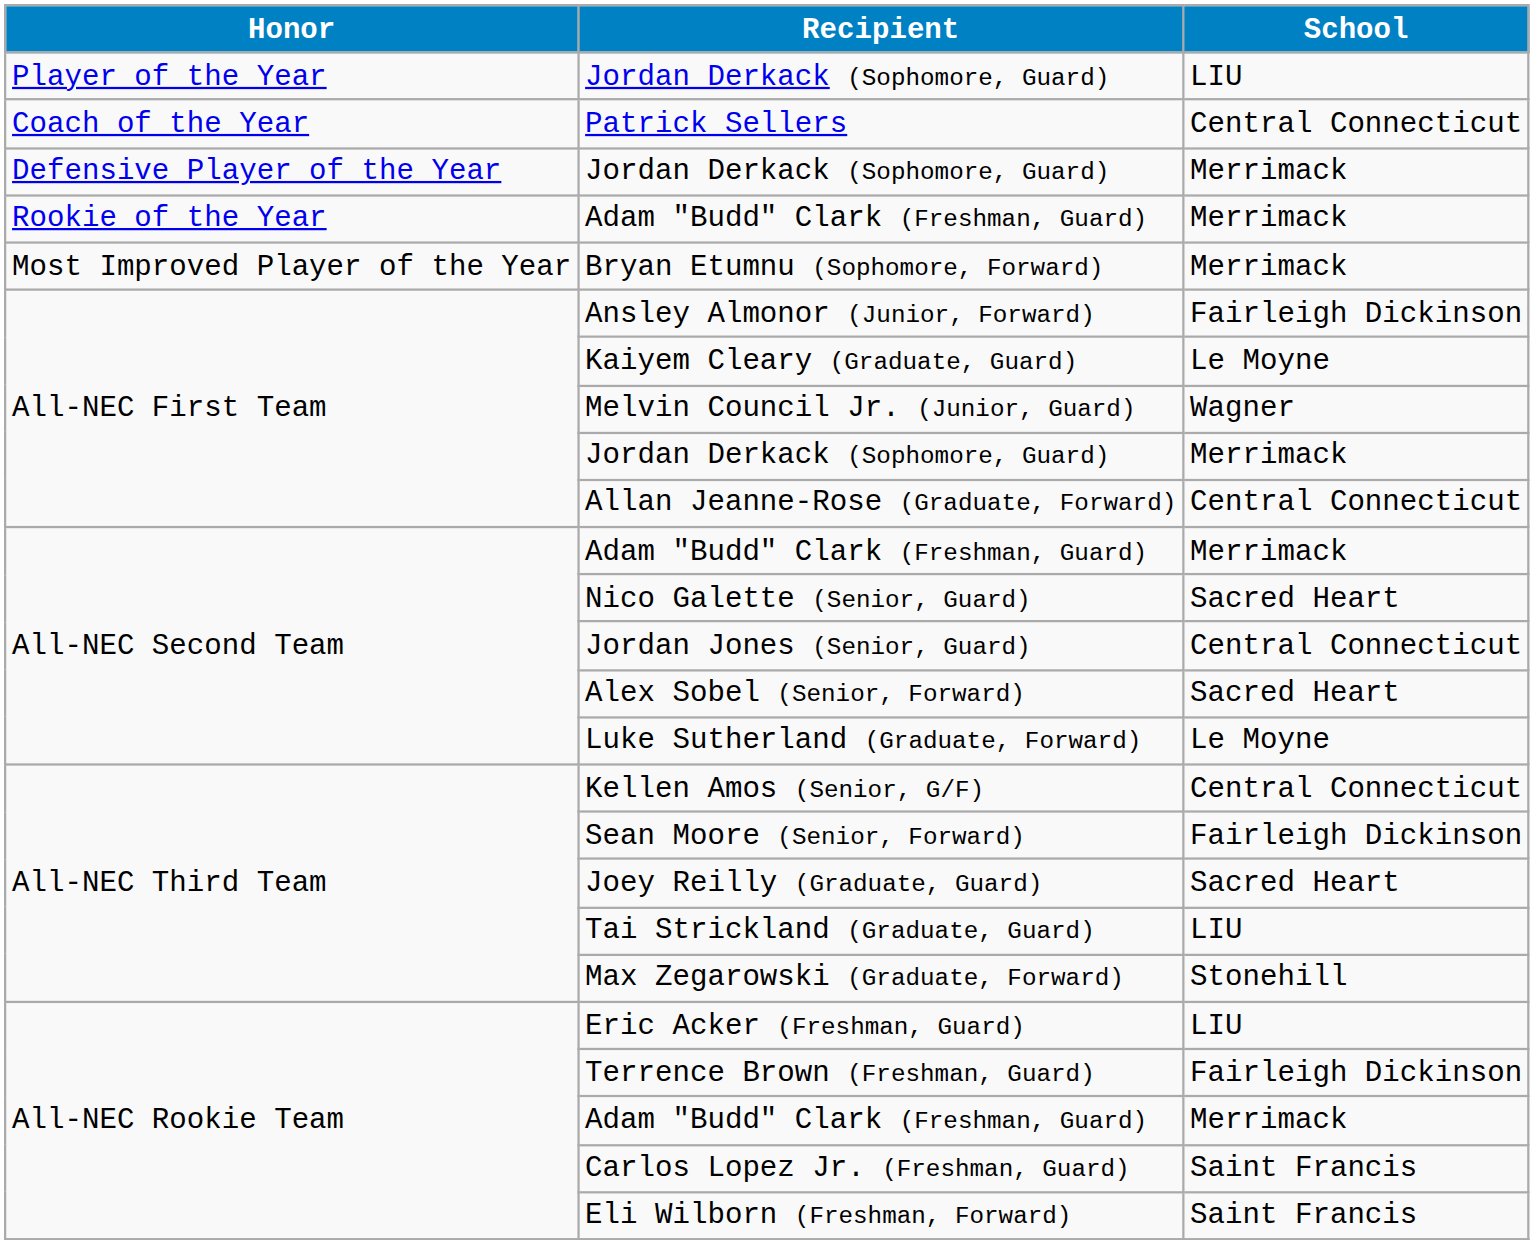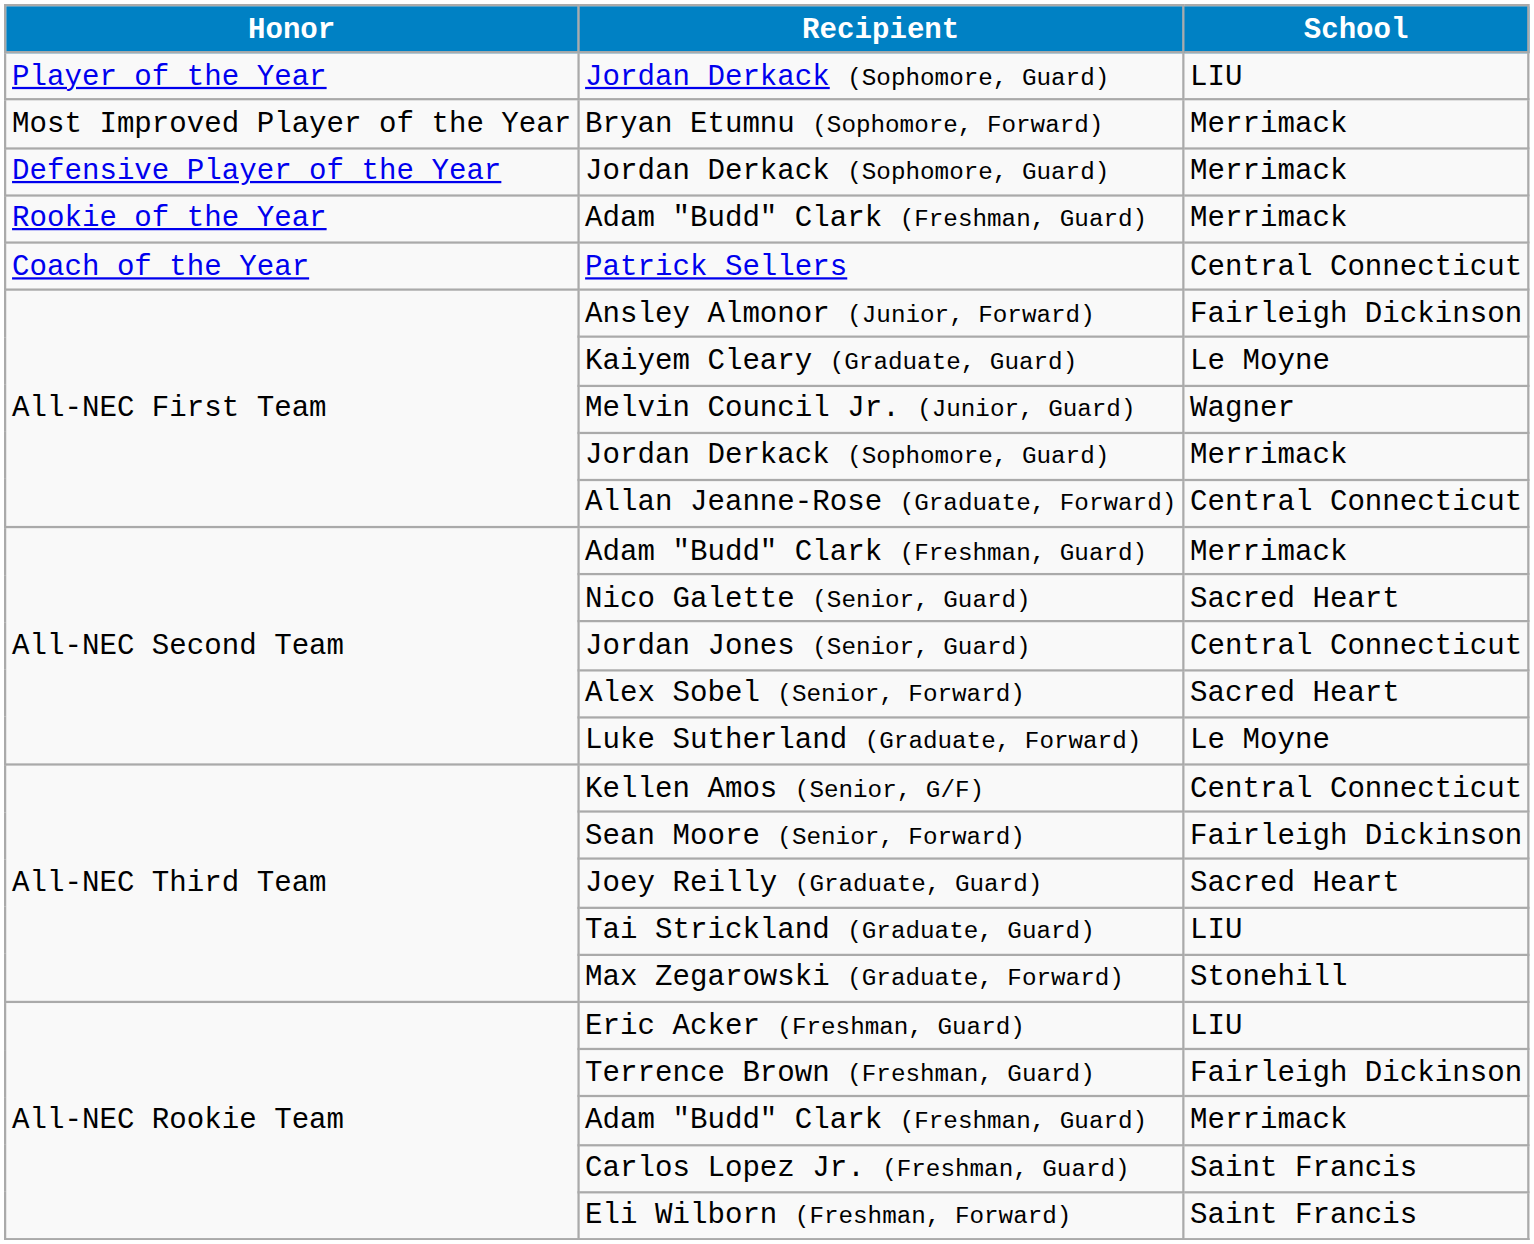 <table class="wikitable" border="1">
 <tr>
 <th align="center" style="background:#0081C4; color:#FFFFFF;">Honor</th>
 <th align="center" style="background:#0081C4; color:#FFFFFF;">Recipient</th>
 <th align="center" style="background:#0081C4; color:#FFFFFF;">School</th>
 </tr>
 <tr>
 <td valign="middle"><a href='#'>Player of the Year</a></td>
 <td><a href='#'>Jordan Derkack</a> <small>(Sophomore, Guard)</small></td>
 <td style=>LIU</td>
 </tr>
 <tr>
-<td><a href='#'>Coach of the Year</a></td>
-<td><a href='#'>Patrick Sellers</a></td>
-<td style=>Central Connecticut</td>
+<td>Most Improved Player of the Year</td>
+<td>Bryan Etumnu <small>(Sophomore, Forward)</small></td>
+<td style=>Merrimack</td>
 </tr>
 <tr>
 <td><a href='#'>Defensive Player of the Year</a></td>
 <td>Jordan Derkack <small>(Sophomore, Guard)</small></td>
 <td style=>Merrimack</td>
 </tr>
 <tr>
 <td><a href='#'>Rookie of the Year</a></td>
 <td>Adam "Budd" Clark <small>(Freshman, Guard)</small></td>
 <td style=>Merrimack</td>
 </tr>
 <tr>
-<td>Most Improved Player of the Year</td>
-<td>Bryan Etumnu <small>(Sophomore, Forward)</small></td>
-<td style=>Merrimack</td>
+<td><a href='#'>Coach of the Year</a></td>
+<td><a href='#'>Patrick Sellers</a></td>
+<td style=>Central Connecticut</td>
 </tr>
 <tr>
 <td rowspan="5" valign="middle">All-NEC First Team</td>
 <td>Ansley Almonor <small>(Junior, Forward)</small></td>
 <td style=>Fairleigh Dickinson</td>
 </tr>
 <tr>
 <td>Kaiyem Cleary <small>(Graduate, Guard)</small></td>
 <td style=>Le Moyne</td>
 </tr>
 <tr>
 <td>Melvin Council Jr. <small>(Junior, Guard)</small></td>
 <td style=>Wagner</td>
 </tr>
 <tr>
 <td>Jordan Derkack <small>(Sophomore, Guard)</small></td>
 <td style=>Merrimack</td>
 </tr>
 <tr>
 <td>Allan Jeanne-Rose <small>(Graduate, Forward)</small></td>
 <td style=>Central Connecticut</td>
 </tr>
 <tr>
 <td rowspan="5" valign="middle">All-NEC Second Team</td>
 <td>Adam "Budd" Clark <small>(Freshman, Guard)</small></td>
 <td style=>Merrimack</td>
 </tr>
 <tr>
 <td>Nico Galette <small>(Senior, Guard)</small></td>
 <td style=>Sacred Heart</td>
 </tr>
 <tr>
 <td>Jordan Jones <small>(Senior, Guard)</small></td>
 <td style=>Central Connecticut</td>
 </tr>
 <tr>
 <td>Alex Sobel <small>(Senior, Forward)</small></td>
 <td style=>Sacred Heart</td>
 </tr>
 <tr>
 <td>Luke Sutherland <small>(Graduate, Forward)</small></td>
 <td style=>Le Moyne</td>
 </tr>
 <tr>
 <td rowspan="5" valign="middle">All-NEC Third Team</td>
 <td>Kellen Amos <small>(Senior, G/F)</small></td>
 <td style=>Central Connecticut</td>
 </tr>
 <tr>
 <td>Sean Moore <small>(Senior, Forward)</small></td>
 <td style=>Fairleigh Dickinson</td>
 </tr>
 <tr>
 <td>Joey Reilly <small>(Graduate, Guard)</small></td>
 <td style=>Sacred Heart</td>
 </tr>
 <tr>
 <td>Tai Strickland <small>(Graduate, Guard)</small></td>
 <td style=>LIU</td>
 </tr>
 <tr>
 <td>Max Zegarowski <small>(Graduate, Forward)</small></td>
 <td style=>Stonehill</td>
 </tr>
 <tr>
 <td rowspan="5" valign="middle">All-NEC Rookie Team</td>
 <td>Eric Acker <small>(Freshman, Guard)</small></td>
 <td style=>LIU</td>
 </tr>
 <tr>
 <td>Terrence Brown <small>(Freshman, Guard)</small></td>
 <td style=>Fairleigh Dickinson</td>
 </tr>
 <tr>
 <td>Adam "Budd" Clark <small>(Freshman, Guard)</small></td>
 <td style=>Merrimack</td>
 </tr>
 <tr>
 <td>Carlos Lopez Jr. <small>(Freshman, Guard)</small></td>
 <td style=>Saint Francis</td>
 </tr>
 <tr>
 <td>Eli Wilborn <small>(Freshman, Forward)</small></td>
 <td style=>Saint Francis</td>
 </tr>
 <tr>
 </tr>
 </table>
